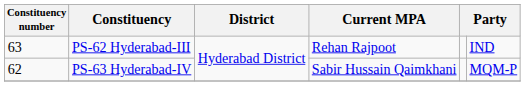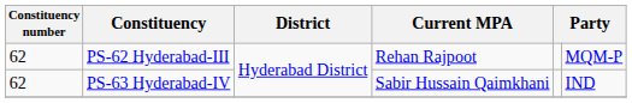 <table class="wikitable">
 <tr>
 <th width="50px" style="font-size:75%">Constituency number</th>
 <th>Constituency</th>
 <th>District</th>
 <th>Current MPA</th>
 <th colspan="2">Party</th>
 </tr>
 <tr>
-<td>63</td>
+<td>62</td>
 <td><a href='#'>PS-62 Hyderabad-III</a></td>
 <td rowspan="2"><a href='#'>Hyderabad District</a></td>
 <td><a href='#'>Rehan Rajpoot</a></td>
 <td></td>
-<td><a href='#'>IND</a></td>
+<td><a href='#'>MQM-P</a></td>
 </tr>
 <tr>
 <td>62</td>
 <td><a href='#'>PS-63 Hyderabad-IV</a></td>
 <td><a href='#'>Sabir Hussain Qaimkhani</a></td>
 <td></td>
-<td><a href='#'>MQM-P</a></td>
+<td><a href='#'>IND</a></td>
 </tr>
 <tr>
 </tr>
 </table>
